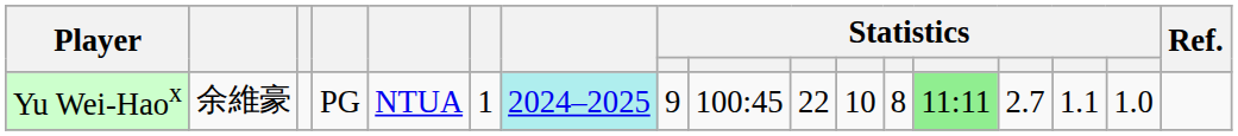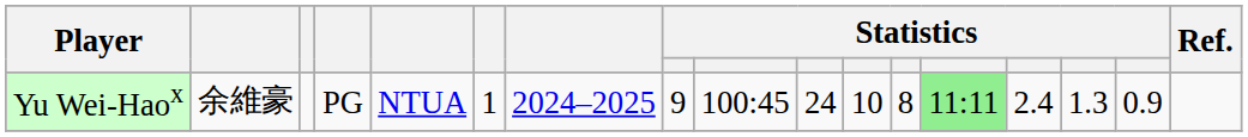 <table class="wikitable sortable" style="font-size:95%; text-align:right;">
 <tr>
 <th rowspan="2">Player</th>
 <th rowspan="2"></th>
 <th rowspan="2"></th>
 <th rowspan="2"></th>
 <th rowspan="2"></th>
 <th rowspan="2"></th>
 <th rowspan="2"></th>
 <th colspan="9">Statistics</th>
 <th rowspan="2">Ref.</th>
 </tr>
 <tr>
 <th></th>
 <th></th>
 <th></th>
 <th></th>
 <th></th>
 <th></th>
 <th></th>
 <th></th>
 <th></th>
 </tr>
 <tr>
 <td align="left" bgcolor="#CCFFCC">Yu Wei-Hao<sup>x</sup></td>
 <td align="left">余維豪</td>
 <td align="center"></td>
 <td align="center">PG</td>
 <td align="left"><a href='#'>NTUA</a></td>
 <td align="center">1</td>
-<td align="center" style="background: paleturquoise;"><a href='#'>2024–2025</a></td>
+<td align="center"><a href='#'>2024–2025</a></td>
 <td>9</td>
 <td>100:45</td>
-<td>22</td>
+<td>24</td>
 <td>10</td>
 <td>8</td>
 <td style="background: lightgreen;">11:11</td>
-<td>2.7</td>
-<td>1.1</td>
-<td>1.0</td>
+<td>2.4</td>
+<td>1.3</td>
+<td>0.9</td>
 <td align="center"></td>
 </tr>
 </table>
